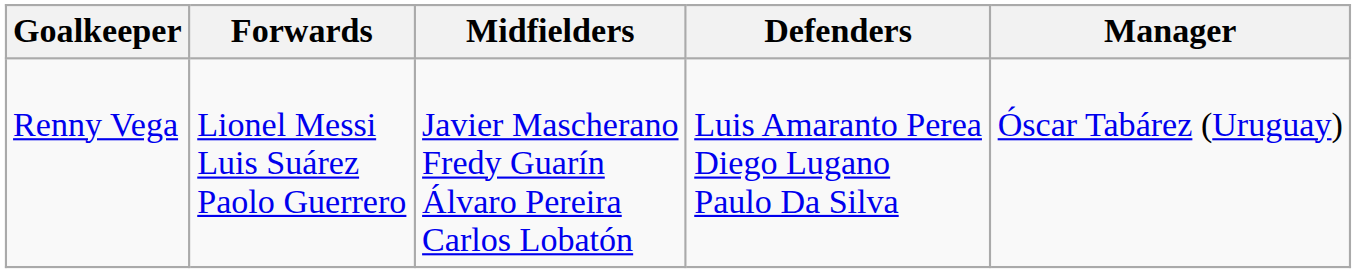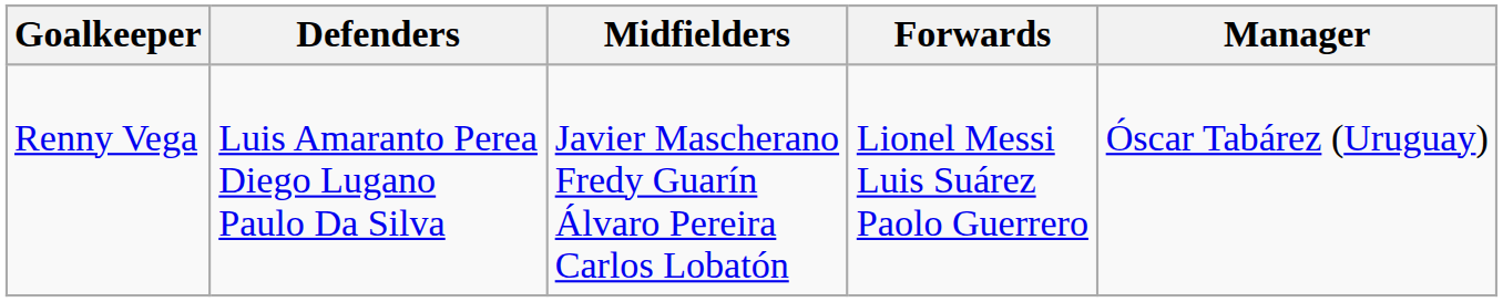 <table class="wikitable" style="mArgin: 0 auto;">
 <tr>
 <th>Goalkeeper</th>
+<th>Defenders</th>
+<th>Midfielders</th>
 <th>Forwards</th>
-<th>Midfielders</th>
-<th>Defenders</th>
 <th>Manager</th>
 </tr>
 <tr>
 <td valign=top><br> <a href='#'>Renny Vega</a></td>
+<td valign=top><br> <a href='#'>Luis Amaranto Perea</a><br>  <a href='#'>Diego Lugano</a><br>  <a href='#'>Paulo Da Silva</a></td>
+<td valign=top><br> <a href='#'>Javier Mascherano</a><br>  <a href='#'>Fredy Guarín</a><br>  <a href='#'>Álvaro Pereira</a><br>  <a href='#'>Carlos Lobatón</a><br></td>
 <td valign=top><br> <a href='#'>Lionel Messi</a><br>  <a href='#'>Luis Suárez</a><br>  <a href='#'>Paolo Guerrero</a></td>
-<td valign=top><br> <a href='#'>Javier Mascherano</a><br>  <a href='#'>Fredy Guarín</a><br>  <a href='#'>Álvaro Pereira</a><br>  <a href='#'>Carlos Lobatón</a><br></td>
-<td valign=top><br> <a href='#'>Luis Amaranto Perea</a><br>  <a href='#'>Diego Lugano</a><br>  <a href='#'>Paulo Da Silva</a></td>
 <td valign=top><br> <a href='#'>Óscar Tabárez</a> (<a href='#'>Uruguay</a>)</td>
 </tr>
 </table>
